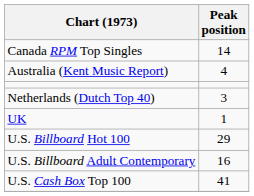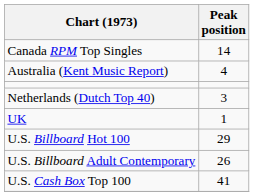 <table class="wikitable sortable">
 <tr>
 <th>Chart (1973)</th>
 <th>Peak<br>position</th>
 </tr>
 <tr>
 <td>Canada <em><a href='#'>RPM</a></em> Top Singles</td>
 <td style="text-align:center;">14</td>
 </tr>
 <tr>
 <td>Australia (<a href='#'>Kent Music Report</a>)</td>
 <td style="text-align:center;">4</td>
 </tr>
 <tr>
 <td></td>
 </tr>
 <tr>
 <td>Netherlands (<a href='#'>Dutch Top 40</a>)</td>
 <td style="text-align:center;">3</td>
 </tr>
 <tr>
 <td><a href='#'>UK</a></td>
 <td style="text-align:center;">1</td>
 </tr>
 <tr>
 <td>U.S. <em><a href='#'>Billboard</a></em> <a href='#'>Hot 100</a></td>
 <td style="text-align:center;">29</td>
 </tr>
 <tr>
 <td>U.S. <em>Billboard</em> <a href='#'>Adult Contemporary</a></td>
-<td style="text-align:center;">16</td>
+<td style="text-align:center;">26</td>
 </tr>
 <tr>
 <td>U.S. <a href='#'><em>Cash Box</em></a> Top 100</td>
 <td align="center">41</td>
 </tr>
 <tr>
 </tr>
 </table>
